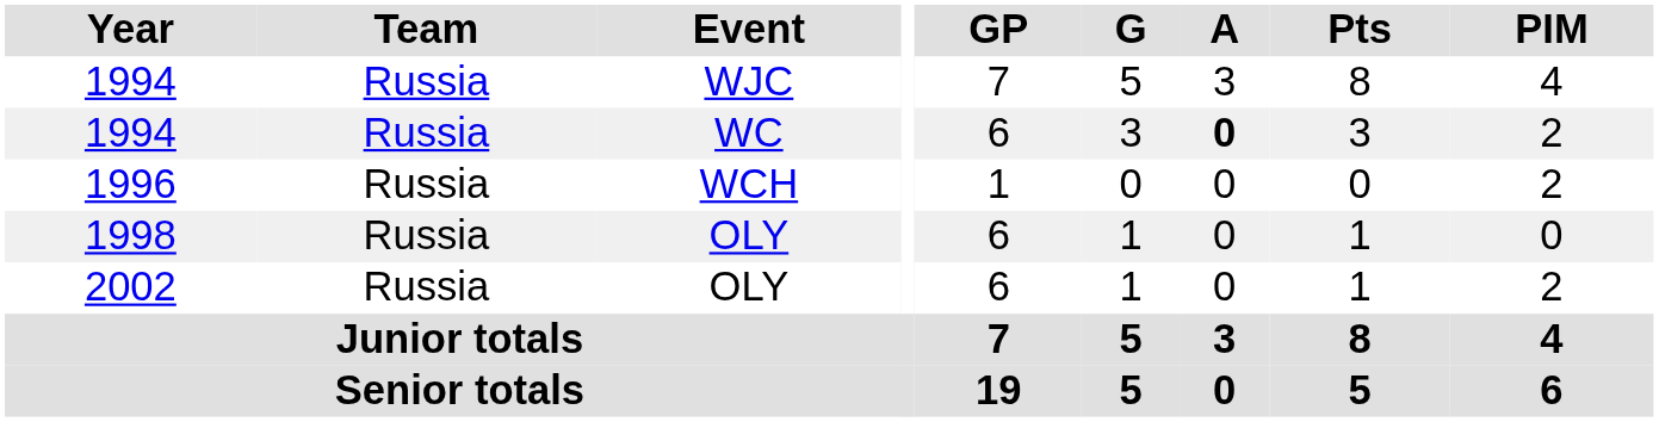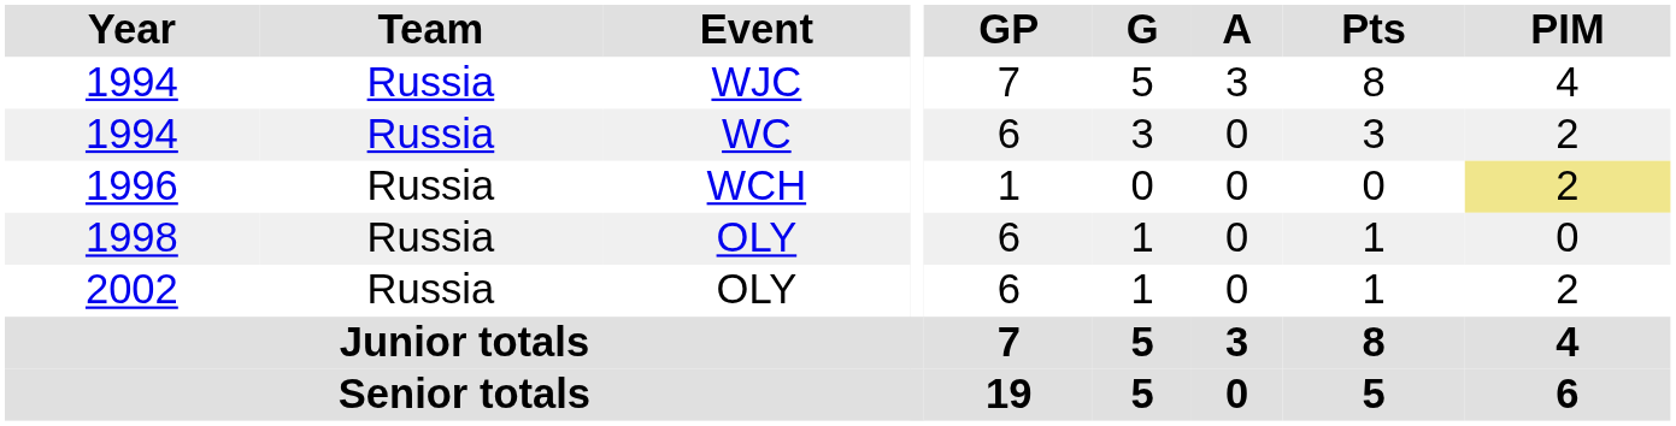 <table border="0" cellpadding="1" cellspacing="0" ID="Table3" style="text-align:center; width:40em;">
 <tr bgcolor="#e0e0e0">
 <th>Year</th>
 <th>Team</th>
 <th>Event</th>
 <th rowspan="102" bgcolor="#ffffff"></th>
 <th>GP</th>
 <th>G</th>
 <th>A</th>
 <th>Pts</th>
 <th>PIM</th>
 </tr>
 <tr>
 <td><a href='#'>1994</a></td>
 <td><a href='#'>Russia</a></td>
 <td><a href='#'>WJC</a></td>
 <td>7</td>
 <td>5</td>
 <td>3</td>
 <td>8</td>
 <td>4</td>
 </tr>
 <tr bgcolor="#f0f0f0">
 <td><a href='#'>1994</a></td>
 <td><a href='#'>Russia</a></td>
 <td><a href='#'>WC</a></td>
 <td>6</td>
 <td>3</td>
-<td><strong>0</strong></td>
+<td>0</td>
 <td>3</td>
 <td>2</td>
 </tr>
 <tr>
 <td><a href='#'>1996</a></td>
 <td>Russia</td>
 <td><a href='#'>WCH</a></td>
 <td>1</td>
 <td>0</td>
 <td>0</td>
 <td>0</td>
-<td>2</td>
+<td style="background: khaki;">2</td>
 </tr>
 <tr bgcolor="#f0f0f0">
 <td><a href='#'>1998</a></td>
 <td>Russia</td>
 <td><a href='#'>OLY</a></td>
 <td>6</td>
 <td>1</td>
 <td>0</td>
 <td>1</td>
 <td>0</td>
 </tr>
 <tr>
 <td><a href='#'>2002</a></td>
 <td>Russia</td>
 <td>OLY</td>
 <td>6</td>
 <td>1</td>
 <td>0</td>
 <td>1</td>
 <td>2</td>
 </tr>
 <tr bgcolor="#e0e0e0">
 <th colspan="4">Junior totals</th>
 <th>7</th>
 <th>5</th>
 <th>3</th>
 <th>8</th>
 <th>4</th>
 </tr>
 <tr bgcolor="#e0e0e0">
 <th colspan="4">Senior totals</th>
 <th>19</th>
 <th>5</th>
 <th>0</th>
 <th>5</th>
 <th>6</th>
 </tr>
 </table>
